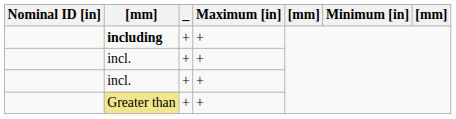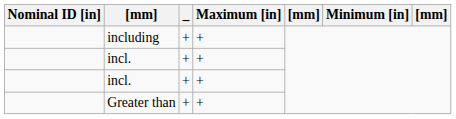 <table class="wikitable">
 <tr>
 <th>Nominal ID [in]</th>
 <th>[mm]</th>
 <th>_</th>
 <th>Maximum [in]</th>
 <th>[mm]</th>
 <th>Minimum [in]</th>
 <th>[mm]</th>
 </tr>
 <tr>
 <td></td>
-<td><strong>including</strong></td>
+<td>including</td>
 <td>+</td>
 <td>+</td>
 </tr>
 <tr>
 <td></td>
 <td>incl.</td>
 <td>+</td>
 <td>+</td>
 </tr>
 <tr>
 <td></td>
 <td>incl.</td>
 <td>+</td>
 <td>+</td>
 </tr>
 <tr>
 <td></td>
-<td style="background: khaki;">Greater than</td>
+<td>Greater than</td>
 <td>+</td>
 <td>+</td>
 </tr>
 </table>
